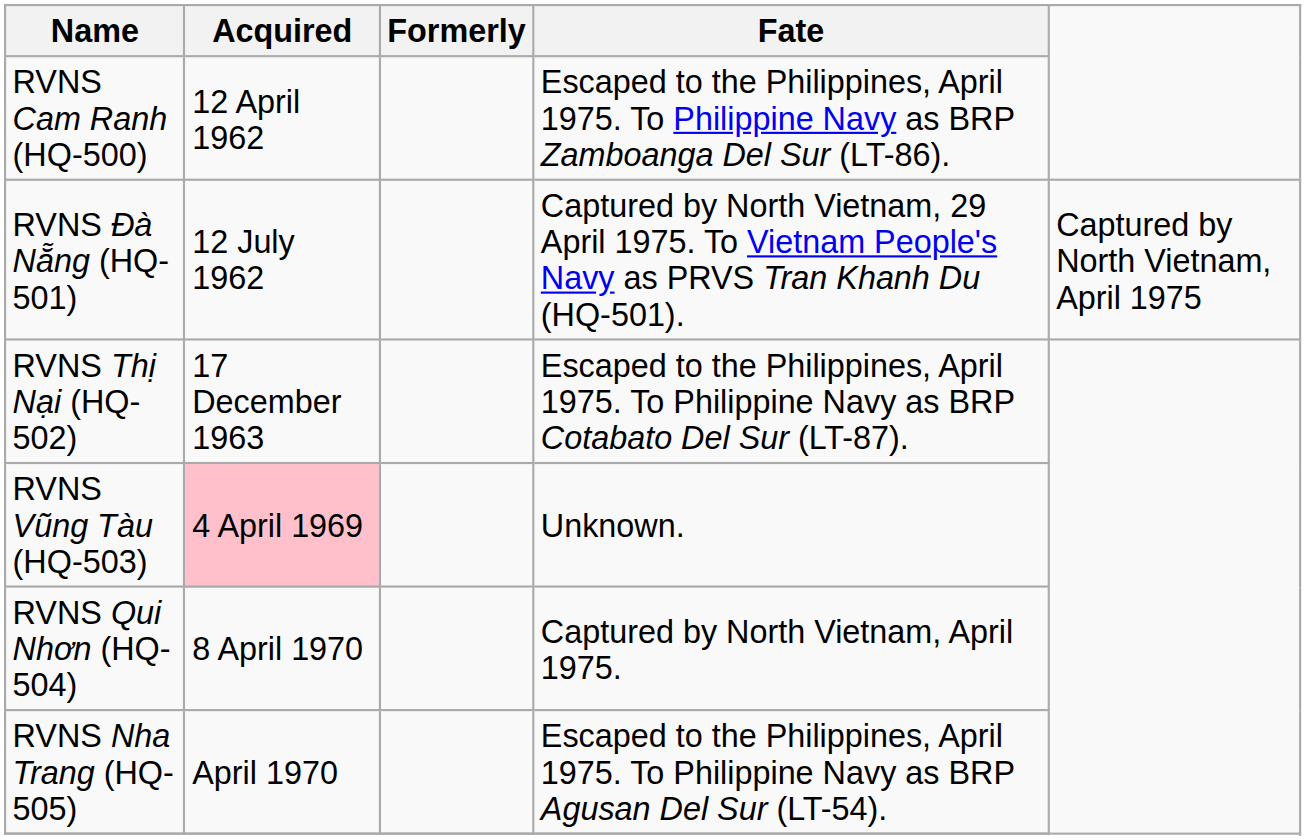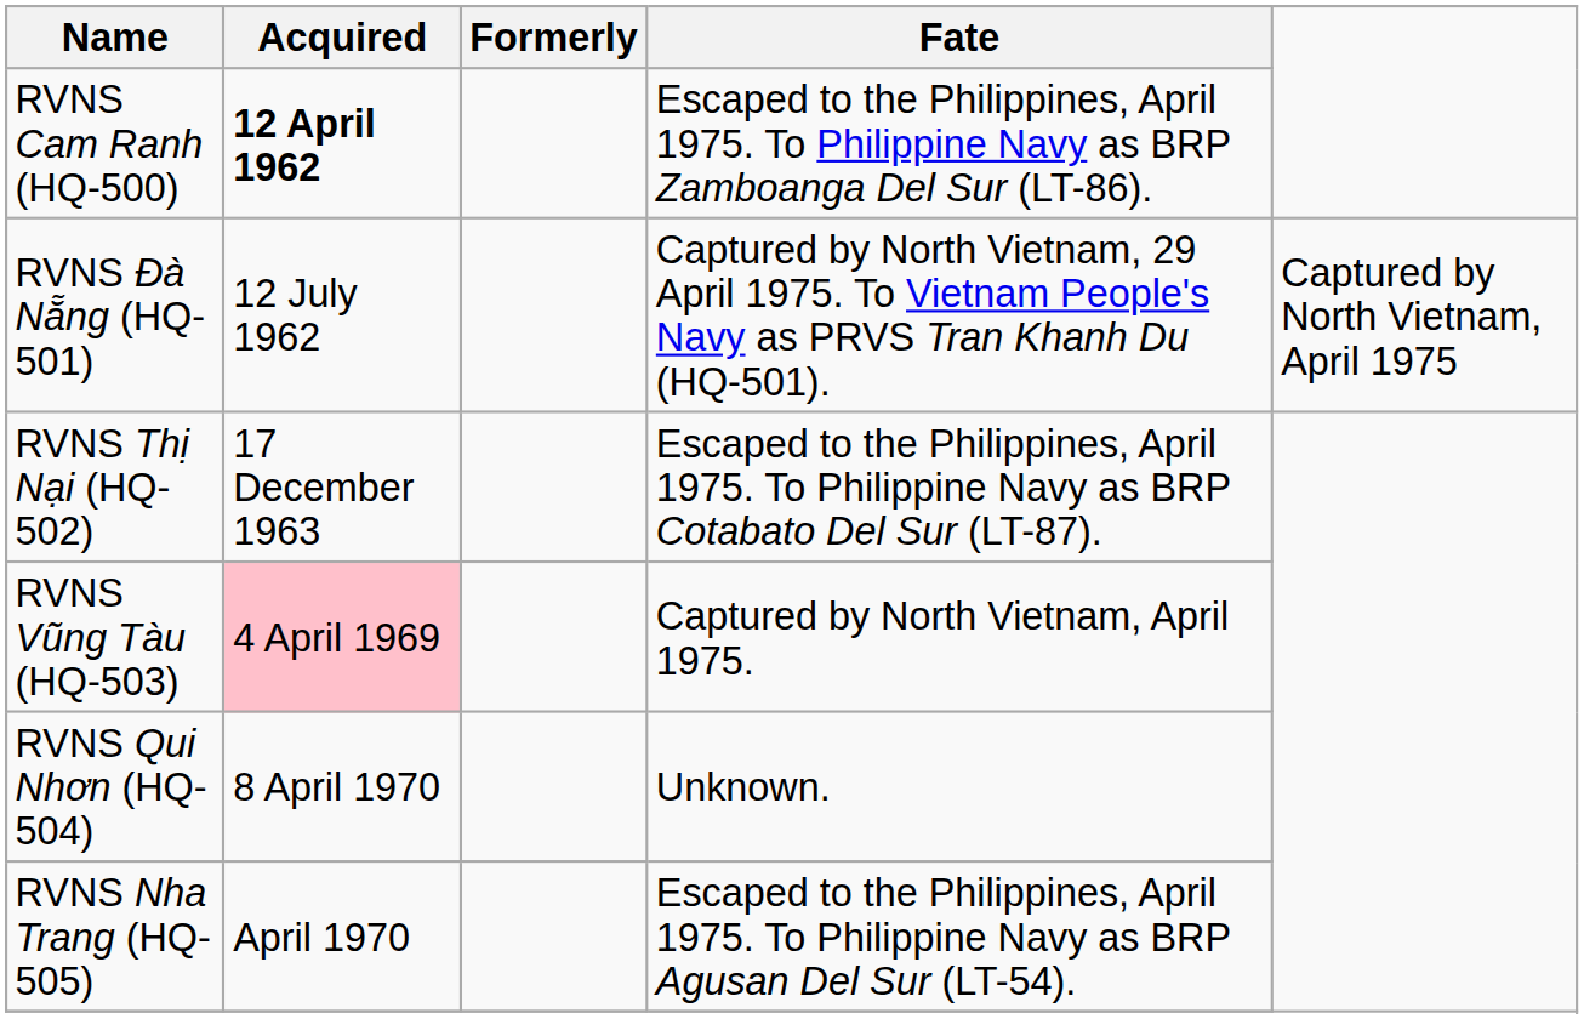 <table class="wikitable" style="font-size:95%;">
 <tr>
 <th>Name</th>
 <th>Acquired</th>
 <th>Formerly</th>
 <th>Fate</th>
 </tr>
 <tr>
 <td>RVNS <em>Cam Ranh</em> (HQ-500)</td>
-<td>12 April 1962</td>
+<td><strong>12 April 1962</strong></td>
 <td></td>
 <td>Escaped to the Philippines, April 1975. To <a href='#'>Philippine Navy</a> as BRP <em>Zamboanga Del Sur</em> (LT-86).</td>
 </tr>
 <tr>
 <td>RVNS <em>Đà Nẵng</em> (HQ-501)</td>
 <td>12 July 1962</td>
 <td></td>
 <td>Captured by North Vietnam, 29 April 1975. To <a href='#'>Vietnam People's Navy</a> as PRVS <em>Tran Khanh Du</em> (HQ-501).</td>
 <td>Captured by North Vietnam, April 1975</td>
 </tr>
 <tr>
 <td>RVNS <em>Thị Nại</em> (HQ-502)</td>
 <td>17 December 1963</td>
 <td></td>
 <td>Escaped to the Philippines, April 1975. To Philippine Navy as BRP <em>Cotabato Del Sur</em> (LT-87).</td>
 </tr>
 <tr>
 <td>RVNS <em>Vũng Tàu</em> (HQ-503)</td>
 <td style="background: pink;">4 April 1969</td>
 <td></td>
-<td>Unknown.</td>
+<td>Captured by North Vietnam, April 1975.</td>
 </tr>
 <tr>
 <td>RVNS <em>Qui Nhơn</em> (HQ-504)</td>
 <td>8 April 1970</td>
 <td></td>
-<td>Captured by North Vietnam, April 1975.</td>
+<td>Unknown.</td>
 </tr>
 <tr>
 <td>RVNS <em>Nha Trang</em> (HQ-505)</td>
 <td>April 1970</td>
 <td></td>
 <td>Escaped to the Philippines, April 1975. To Philippine Navy as BRP <em>Agusan Del Sur</em> (LT-54).</td>
 </tr>
 <tr>
 </tr>
 </table>
